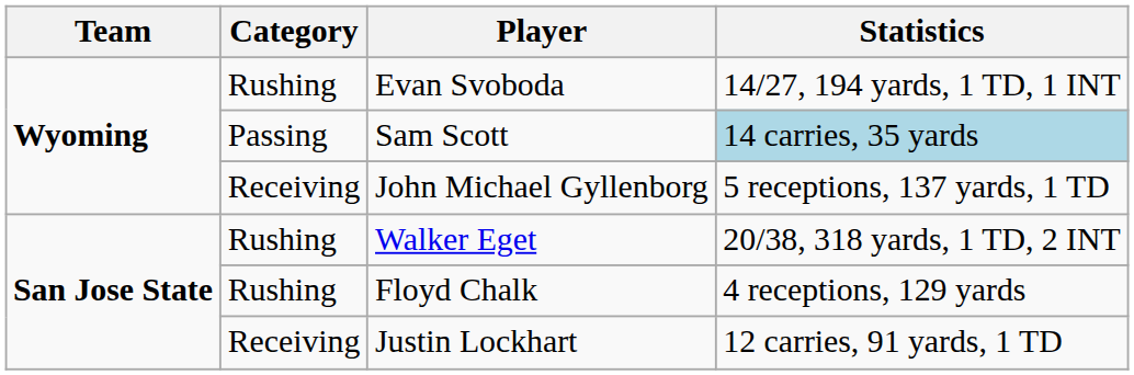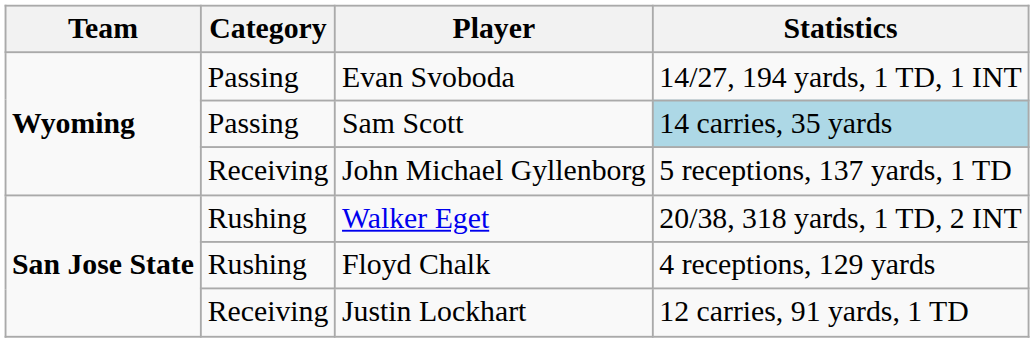 <table class="wikitable" style="float: right;">
 <tr>
 <th>Team</th>
 <th>Category</th>
 <th>Player</th>
 <th>Statistics</th>
 </tr>
 <tr>
 <td rowspan=3><strong>Wyoming</strong></td>
-<td>Rushing</td>
+<td>Passing</td>
 <td>Evan Svoboda</td>
 <td>14/27, 194 yards, 1 TD, 1 INT</td>
 </tr>
 <tr>
 <td>Passing</td>
 <td>Sam Scott</td>
 <td style="background: lightblue;">14 carries, 35 yards</td>
 </tr>
 <tr>
 <td>Receiving</td>
 <td>John Michael Gyllenborg</td>
 <td>5 receptions, 137 yards, 1 TD</td>
 </tr>
 <tr>
 <td rowspan=3><strong>San Jose State</strong></td>
 <td>Rushing</td>
 <td><a href='#'>Walker Eget</a></td>
 <td>20/38, 318 yards, 1 TD, 2 INT</td>
 </tr>
 <tr>
 <td>Rushing</td>
 <td>Floyd Chalk</td>
 <td>4 receptions, 129 yards</td>
 </tr>
 <tr>
 <td>Receiving</td>
 <td>Justin Lockhart</td>
 <td>12 carries, 91 yards, 1 TD</td>
 </tr>
 </table>
